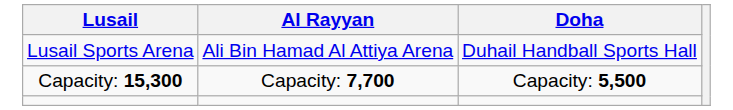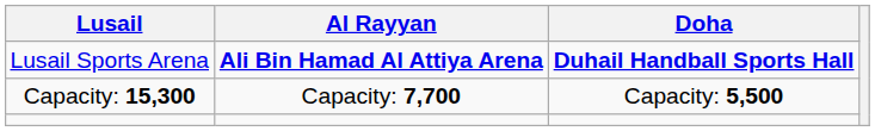 <table class="wikitable" style="margin:1em auto; text-align:center;">
 <tr>
 <th><a href='#'>Lusail</a></th>
 <th><a href='#'>Al Rayyan</a></th>
 <th><a href='#'>Doha</a></th>
 <th rowspan="4"></th>
 </tr>
 <tr>
 <td align=center><a href='#'>Lusail Sports Arena</a></td>
-<td align=center><a href='#'>Ali Bin Hamad Al Attiya Arena</a></td>
-<td align=center><a href='#'>Duhail Handball Sports Hall</a></td>
+<td align=center><strong><a href='#'>Ali Bin Hamad Al Attiya Arena</a></strong></td>
+<td align=center><strong><a href='#'>Duhail Handball Sports Hall</a></strong></td>
 </tr>
 <tr>
 <td align=center>Capacity: <strong>15,300</strong></td>
 <td align=center>Capacity: <strong>7,700</strong></td>
 <td align=center>Capacity: <strong>5,500</strong></td>
 </tr>
 <tr>
 <td></td>
 <td></td>
 <td></td>
 </tr>
 </table>
